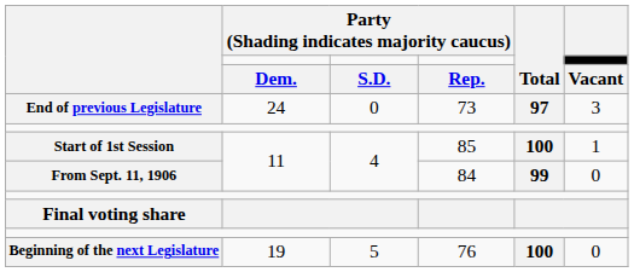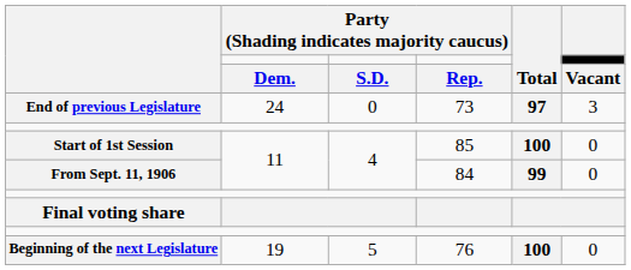 <table class=wikitable style="text-align:center">
 <tr style="vertical-align:bottom;">
 <th rowspan=3></th>
 <th colspan=3>Party <div>(Shading indicates majority caucus)</div></th>
 <th rowspan=3>Total</th>
 <th></th>
 </tr>
 <tr style="height:5px">
 <td style="background-color:"></td>
 <td style="background-color:"></td>
 <td style="background-color:"></td>
 <td style="background:black;"></td>
 </tr>
 <tr>
 <th><a href='#'>Dem.</a></th>
 <th><a href='#'>S.D.</a></th>
 <th><a href='#'>Rep.</a></th>
 <th>Vacant</th>
 </tr>
 <tr>
 <th style="font-size:80%;">End of <a href='#'>previous Legislature</a></th>
 <td>24</td>
 <td>0</td>
 <td>73</td>
 <th>97</th>
 <td>3</td>
 </tr>
 <tr>
 <td colspan=6></td>
 </tr>
 <tr>
 <th style="font-size:80%;">Start of 1st Session</th>
 <td rowspan="2">11</td>
 <td rowspan="2">4</td>
 <td>85</td>
 <th>100</th>
-<td>1</td>
+<td>0</td>
 </tr>
 <tr>
 <th style="font-size:80%;">From Sept. 11, 1906</th>
 <td>84</td>
 <th>99</th>
 <td>0</td>
 </tr>
 <tr>
 <td colspan=6></td>
 </tr>
 <tr>
 <th>Final voting share</th>
 <th colspan=2></th>
 <th></th>
 <th colspan=2></th>
 </tr>
 <tr>
 <td colspan=6></td>
 </tr>
 <tr>
 <th style="font-size:80%;">Beginning of the <a href='#'>next Legislature</a></th>
 <td>19</td>
 <td>5</td>
 <td>76</td>
 <th>100</th>
 <td>0</td>
 </tr>
 </table>
